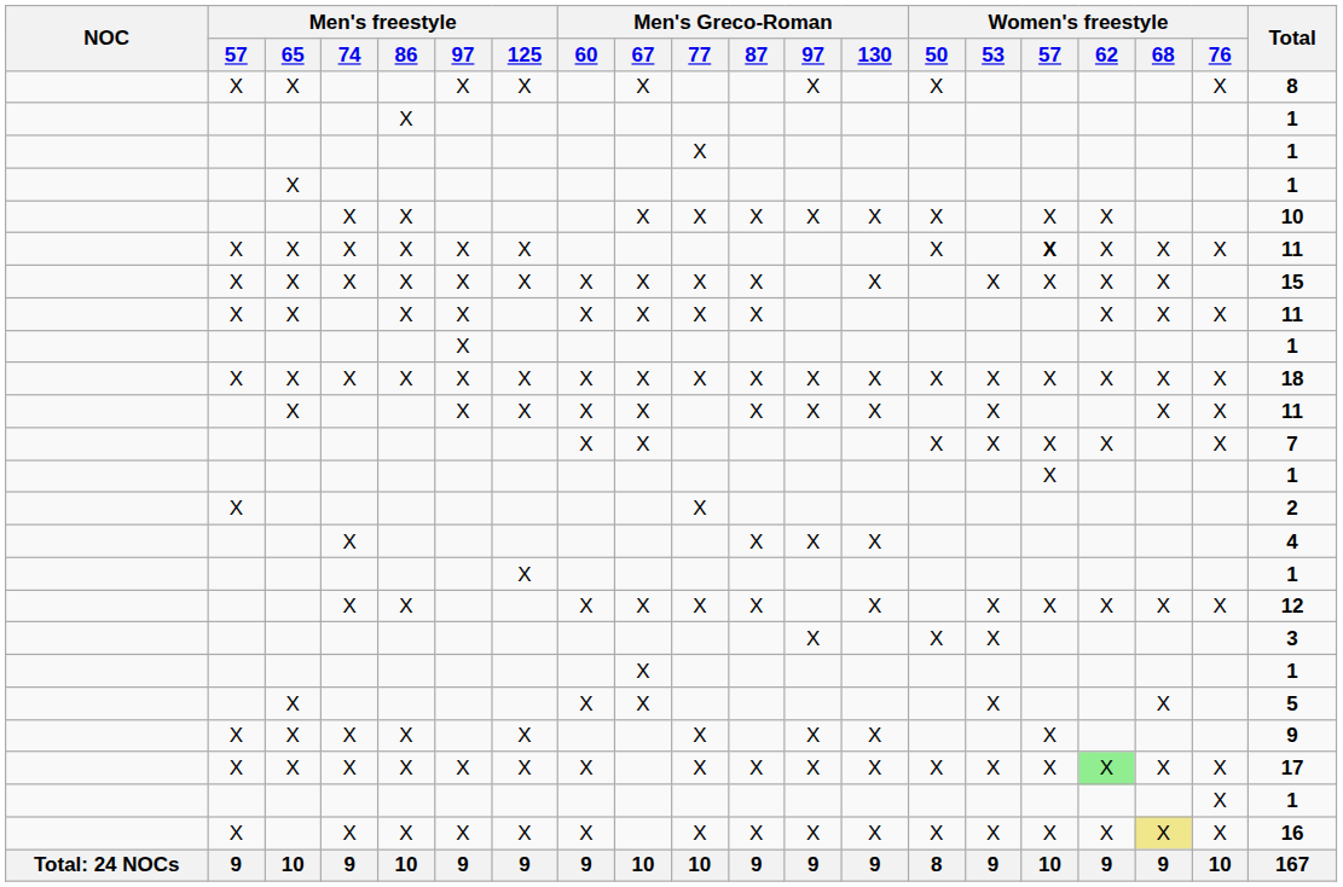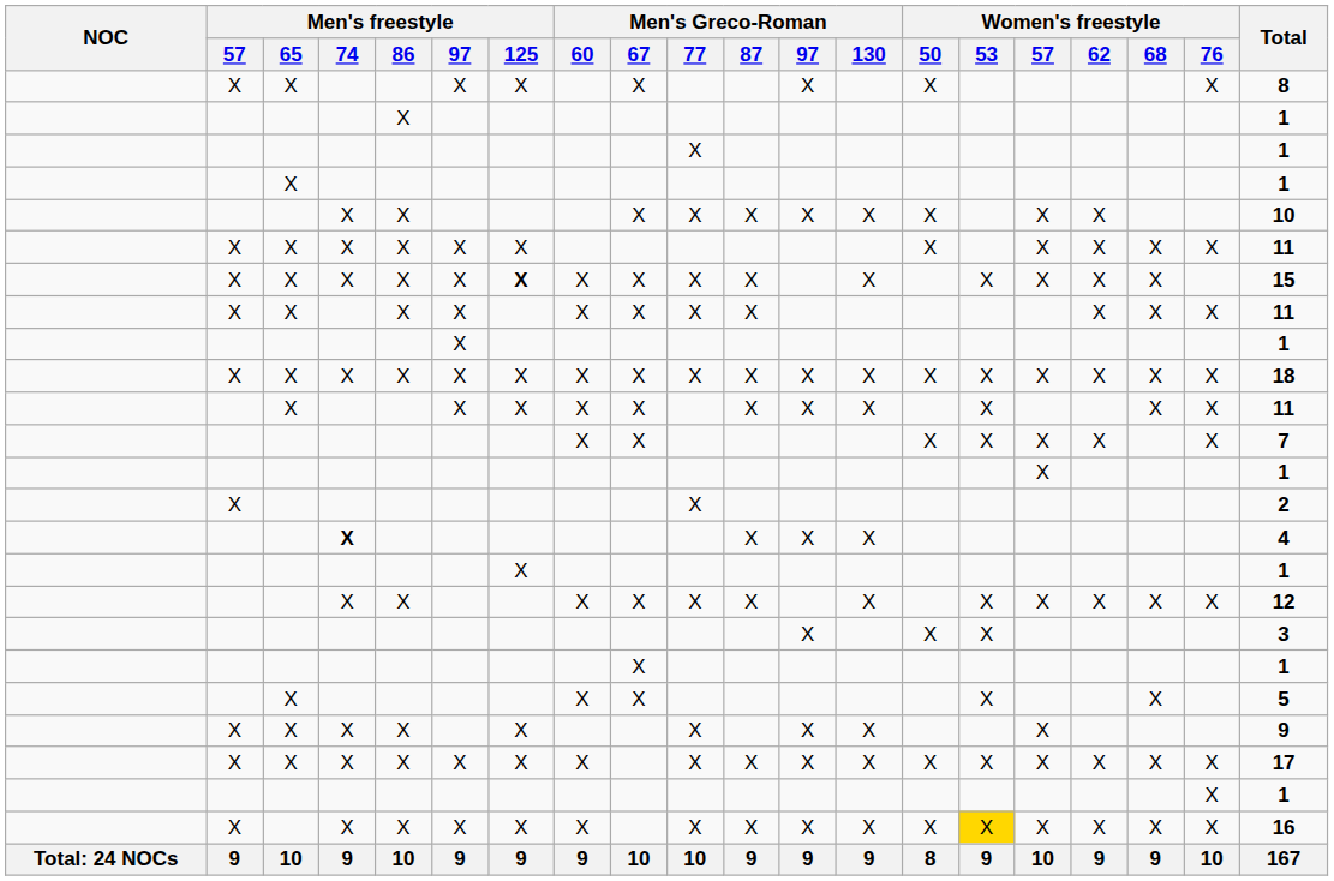 <table class="wikitable sortable" style="text-align:center; font-size:90%">
 <tr>
 <th rowspan="2" width=135 align="left">NOC</th>
 <th colspan="6">Men's freestyle</th>
 <th colspan="6">Men's Greco-Roman</th>
 <th colspan=6>Women's freestyle</th>
 <th ! width=55 rowspan="2">Total</th>
 </tr>
 <tr>
 <th width=33><a href='#'>57</a></th>
 <th width=33><a href='#'>65</a></th>
 <th width=33><a href='#'>74</a></th>
 <th width=33><a href='#'>86</a></th>
 <th width=33><a href='#'>97</a></th>
 <th width=40><a href='#'>125</a></th>
 <th width=33><a href='#'>60</a></th>
 <th width=33><a href='#'>67</a></th>
 <th width=33><a href='#'>77</a></th>
 <th width=33><a href='#'>87</a></th>
 <th width=33><a href='#'>97</a></th>
 <th width=40><a href='#'>130</a></th>
 <th width=33><a href='#'>50</a></th>
 <th width=33><a href='#'>53</a></th>
 <th width=33><a href='#'>57</a></th>
 <th width=33><a href='#'>62</a></th>
 <th width=33><a href='#'>68</a></th>
 <th width=33><a href='#'>76</a></th>
 </tr>
 <tr>
 <td align=left></td>
 <td>X</td>
 <td>X</td>
 <td></td>
 <td></td>
 <td>X</td>
 <td>X</td>
 <td></td>
 <td>X</td>
 <td></td>
 <td></td>
 <td>X</td>
 <td></td>
 <td>X</td>
 <td></td>
 <td></td>
 <td></td>
 <td></td>
 <td>X</td>
 <td><strong>8</strong></td>
 </tr>
 <tr>
 <td align=left></td>
 <td></td>
 <td></td>
 <td></td>
 <td>X</td>
 <td></td>
 <td></td>
 <td></td>
 <td></td>
 <td></td>
 <td></td>
 <td></td>
 <td></td>
 <td></td>
 <td></td>
 <td></td>
 <td></td>
 <td></td>
 <td></td>
 <td><strong>1</strong></td>
 </tr>
 <tr>
 <td align=left></td>
 <td></td>
 <td></td>
 <td></td>
 <td></td>
 <td></td>
 <td></td>
 <td></td>
 <td></td>
 <td>X</td>
 <td></td>
 <td></td>
 <td></td>
 <td></td>
 <td></td>
 <td></td>
 <td></td>
 <td></td>
 <td></td>
 <td><strong>1</strong></td>
 </tr>
 <tr>
 <td align=left></td>
 <td></td>
 <td>X</td>
 <td></td>
 <td></td>
 <td></td>
 <td></td>
 <td></td>
 <td></td>
 <td></td>
 <td></td>
 <td></td>
 <td></td>
 <td></td>
 <td></td>
 <td></td>
 <td></td>
 <td></td>
 <td></td>
 <td><strong>1</strong></td>
 </tr>
 <tr>
 <td align=left></td>
 <td></td>
 <td></td>
 <td>X</td>
 <td>X</td>
 <td></td>
 <td></td>
 <td></td>
 <td>X</td>
 <td>X</td>
 <td>X</td>
 <td>X</td>
 <td>X</td>
 <td>X</td>
 <td></td>
 <td>X</td>
 <td>X</td>
 <td></td>
 <td></td>
 <td><strong>10</strong></td>
 </tr>
 <tr>
 <td align=left></td>
 <td>X</td>
 <td>X</td>
 <td>X</td>
 <td>X</td>
 <td>X</td>
 <td>X</td>
 <td></td>
 <td></td>
 <td></td>
 <td></td>
 <td></td>
 <td></td>
 <td>X</td>
 <td></td>
-<td><strong>X</strong></td>
+<td>X</td>
 <td>X</td>
 <td>X</td>
 <td>X</td>
 <td><strong>11</strong></td>
 </tr>
 <tr>
 <td align=left></td>
 <td>X</td>
 <td>X</td>
 <td>X</td>
 <td>X</td>
 <td>X</td>
-<td>X</td>
+<td><strong>X</strong></td>
 <td>X</td>
 <td>X</td>
 <td>X</td>
 <td>X</td>
 <td></td>
 <td>X</td>
 <td></td>
 <td>X</td>
 <td>X</td>
 <td>X</td>
 <td>X</td>
 <td></td>
 <td><strong>15</strong></td>
 </tr>
 <tr>
 <td align=left></td>
 <td>X</td>
 <td>X</td>
 <td></td>
 <td>X</td>
 <td>X</td>
 <td></td>
 <td>X</td>
 <td>X</td>
 <td>X</td>
 <td>X</td>
 <td></td>
 <td></td>
 <td></td>
 <td></td>
 <td></td>
 <td>X</td>
 <td>X</td>
 <td>X</td>
 <td><strong>11</strong></td>
 </tr>
 <tr>
 <td align=left></td>
 <td></td>
 <td></td>
 <td></td>
 <td></td>
 <td>X</td>
 <td></td>
 <td></td>
 <td></td>
 <td></td>
 <td></td>
 <td></td>
 <td></td>
 <td></td>
 <td></td>
 <td></td>
 <td></td>
 <td></td>
 <td></td>
 <td><strong>1</strong></td>
 </tr>
 <tr>
 <td align=left></td>
 <td>X</td>
 <td>X</td>
 <td>X</td>
 <td>X</td>
 <td>X</td>
 <td>X</td>
 <td>X</td>
 <td>X</td>
 <td>X</td>
 <td>X</td>
 <td>X</td>
 <td>X</td>
 <td>X</td>
 <td>X</td>
 <td>X</td>
 <td>X</td>
 <td>X</td>
 <td>X</td>
 <td><strong>18</strong></td>
 </tr>
 <tr>
 <td align=left></td>
 <td></td>
 <td>X</td>
 <td></td>
 <td></td>
 <td>X</td>
 <td>X</td>
 <td>X</td>
 <td>X</td>
 <td></td>
 <td>X</td>
 <td>X</td>
 <td>X</td>
 <td></td>
 <td>X</td>
 <td></td>
 <td></td>
 <td>X</td>
 <td>X</td>
 <td><strong>11</strong></td>
 </tr>
 <tr>
 <td align=left></td>
 <td></td>
 <td></td>
 <td></td>
 <td></td>
 <td></td>
 <td></td>
 <td>X</td>
 <td>X</td>
 <td></td>
 <td></td>
 <td></td>
 <td></td>
 <td>X</td>
 <td>X</td>
 <td>X</td>
 <td>X</td>
 <td></td>
 <td>X</td>
 <td><strong>7</strong></td>
 </tr>
 <tr>
 <td align=left></td>
 <td></td>
 <td></td>
 <td></td>
 <td></td>
 <td></td>
 <td></td>
 <td></td>
 <td></td>
 <td></td>
 <td></td>
 <td></td>
 <td></td>
 <td></td>
 <td></td>
 <td>X</td>
 <td></td>
 <td></td>
 <td></td>
 <td><strong>1</strong></td>
 </tr>
 <tr>
 <td align=left></td>
 <td>X</td>
 <td></td>
 <td></td>
 <td></td>
 <td></td>
 <td></td>
 <td></td>
 <td></td>
 <td>X</td>
 <td></td>
 <td></td>
 <td></td>
 <td></td>
 <td></td>
 <td></td>
 <td></td>
 <td></td>
 <td></td>
 <td><strong>2</strong></td>
 </tr>
 <tr>
 <td align=left></td>
 <td></td>
 <td></td>
-<td>X</td>
+<td><strong>X</strong></td>
 <td></td>
 <td></td>
 <td></td>
 <td></td>
 <td></td>
 <td></td>
 <td>X</td>
 <td>X</td>
 <td>X</td>
 <td></td>
 <td></td>
 <td></td>
 <td></td>
 <td></td>
 <td></td>
 <td><strong>4</strong></td>
 </tr>
 <tr>
 <td align=left></td>
 <td></td>
 <td></td>
 <td></td>
 <td></td>
 <td></td>
 <td>X</td>
 <td></td>
 <td></td>
 <td></td>
 <td></td>
 <td></td>
 <td></td>
 <td></td>
 <td></td>
 <td></td>
 <td></td>
 <td></td>
 <td></td>
 <td><strong>1</strong></td>
 </tr>
 <tr>
 <td align=left></td>
 <td></td>
 <td></td>
 <td>X</td>
 <td>X</td>
 <td></td>
 <td></td>
 <td>X</td>
 <td>X</td>
 <td>X</td>
 <td>X</td>
 <td></td>
 <td>X</td>
 <td></td>
 <td>X</td>
 <td>X</td>
 <td>X</td>
 <td>X</td>
 <td>X</td>
 <td><strong>12</strong></td>
 </tr>
 <tr>
 <td align=left></td>
 <td></td>
 <td></td>
 <td></td>
 <td></td>
 <td></td>
 <td></td>
 <td></td>
 <td></td>
 <td></td>
 <td></td>
 <td>X</td>
 <td></td>
 <td>X</td>
 <td>X</td>
 <td></td>
 <td></td>
 <td></td>
 <td></td>
 <td><strong>3</strong></td>
 </tr>
 <tr>
 <td align=left></td>
 <td></td>
 <td></td>
 <td></td>
 <td></td>
 <td></td>
 <td></td>
 <td></td>
 <td>X</td>
 <td></td>
 <td></td>
 <td></td>
 <td></td>
 <td></td>
 <td></td>
 <td></td>
 <td></td>
 <td></td>
 <td></td>
 <td><strong>1</strong></td>
 </tr>
 <tr>
 <td align=left></td>
 <td></td>
 <td>X</td>
 <td></td>
 <td></td>
 <td></td>
 <td></td>
 <td>X</td>
 <td>X</td>
 <td></td>
 <td></td>
 <td></td>
 <td></td>
 <td></td>
 <td>X</td>
 <td></td>
 <td></td>
 <td>X</td>
 <td></td>
 <td><strong>5</strong></td>
 </tr>
 <tr>
 <td align=left></td>
 <td>X</td>
 <td>X</td>
 <td>X</td>
 <td>X</td>
 <td></td>
 <td>X</td>
 <td></td>
 <td></td>
 <td>X</td>
 <td></td>
 <td>X</td>
 <td>X</td>
 <td></td>
 <td></td>
 <td>X</td>
 <td></td>
 <td></td>
 <td></td>
 <td><strong>9</strong></td>
 </tr>
 <tr>
 <td align=left></td>
 <td>X</td>
 <td>X</td>
 <td>X</td>
 <td>X</td>
 <td>X</td>
 <td>X</td>
 <td>X</td>
 <td></td>
 <td>X</td>
 <td>X</td>
 <td>X</td>
 <td>X</td>
 <td>X</td>
 <td>X</td>
 <td>X</td>
-<td style="background: lightgreen;">X</td>
+<td>X</td>
 <td>X</td>
 <td>X</td>
 <td><strong>17</strong></td>
 </tr>
 <tr>
 <td align=left></td>
 <td></td>
 <td></td>
 <td></td>
 <td></td>
 <td></td>
 <td></td>
 <td></td>
 <td></td>
 <td></td>
 <td></td>
 <td></td>
 <td></td>
 <td></td>
 <td></td>
 <td></td>
 <td></td>
 <td></td>
 <td>X</td>
 <td><strong>1</strong></td>
 </tr>
 <tr>
 <td align=left></td>
 <td>X</td>
 <td></td>
 <td>X</td>
 <td>X</td>
 <td>X</td>
 <td>X</td>
 <td>X</td>
 <td></td>
 <td>X</td>
 <td>X</td>
 <td>X</td>
 <td>X</td>
 <td>X</td>
+<td style="background: gold;">X</td>
 <td>X</td>
 <td>X</td>
 <td>X</td>
-<td style="background: khaki;">X</td>
 <td>X</td>
 <td><strong>16</strong></td>
 </tr>
 <tr>
 <th>Total: 24 NOCs</th>
 <th>9</th>
 <th>10</th>
 <th>9</th>
 <th>10</th>
 <th>9</th>
 <th>9</th>
 <th>9</th>
 <th>10</th>
 <th>10</th>
 <th>9</th>
 <th>9</th>
 <th>9</th>
 <th>8</th>
 <th>9</th>
 <th>10</th>
 <th>9</th>
 <th>9</th>
 <th>10</th>
 <th>167</th>
 </tr>
 </table>
